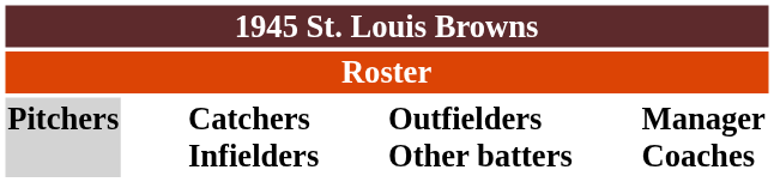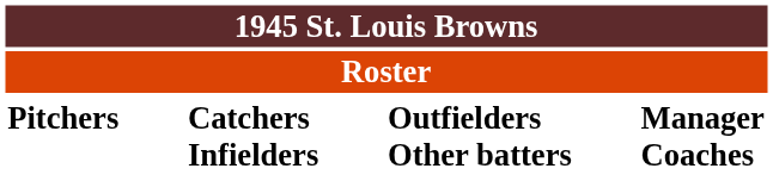 <table class="toccolours" style="font-size: 95%;">
 <tr>
 <th colspan="10" style="background-color: #5D2A2C; color: white; text-align: center;">1945 St. Louis Browns</th>
 </tr>
 <tr>
 <td colspan="10" style="background-color: #DC4405; color: white; text-align: center;"><strong>Roster</strong></td>
 </tr>
 <tr>
-<td valign="top" style="background: lightgrey;"><strong>Pitchers</strong><br>           </td>
+<td valign="top"><strong>Pitchers</strong><br>           </td>
 <td width="25px"></td>
 <td valign="top"><strong>Catchers</strong><br>    <strong>Infielders</strong>       </td>
 <td width="25px"></td>
 <td valign="top"><strong>Outfielders</strong><br>         <strong>Other batters</strong> </td>
 <td width="25px"></td>
 <td valign="top"><strong>Manager</strong><br> <strong>Coaches</strong>   </td>
 </tr>
 <tr>
 </tr>
 </table>
